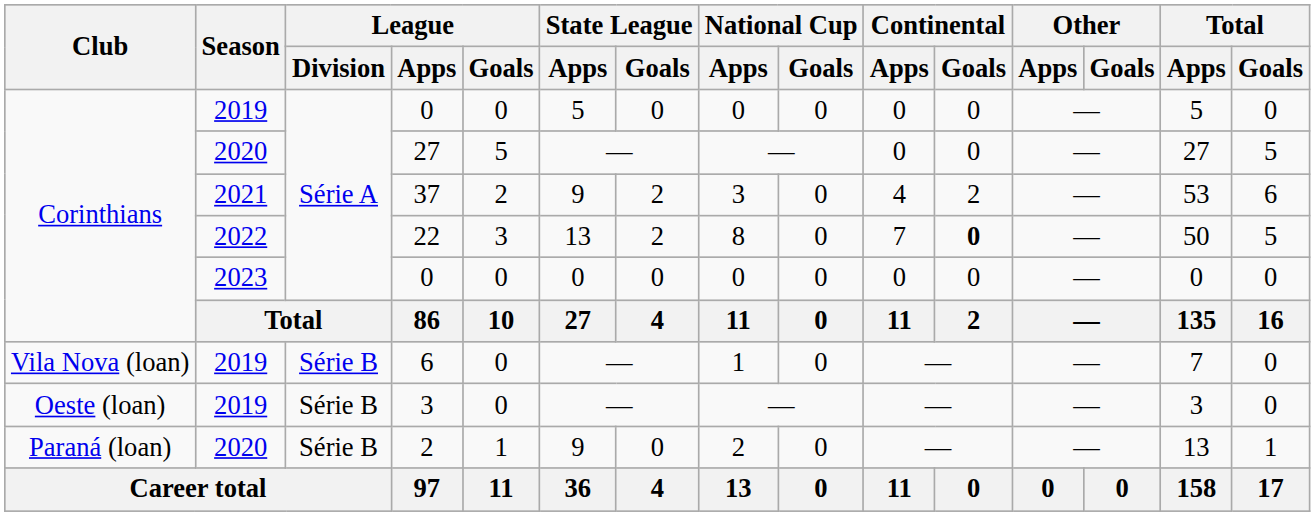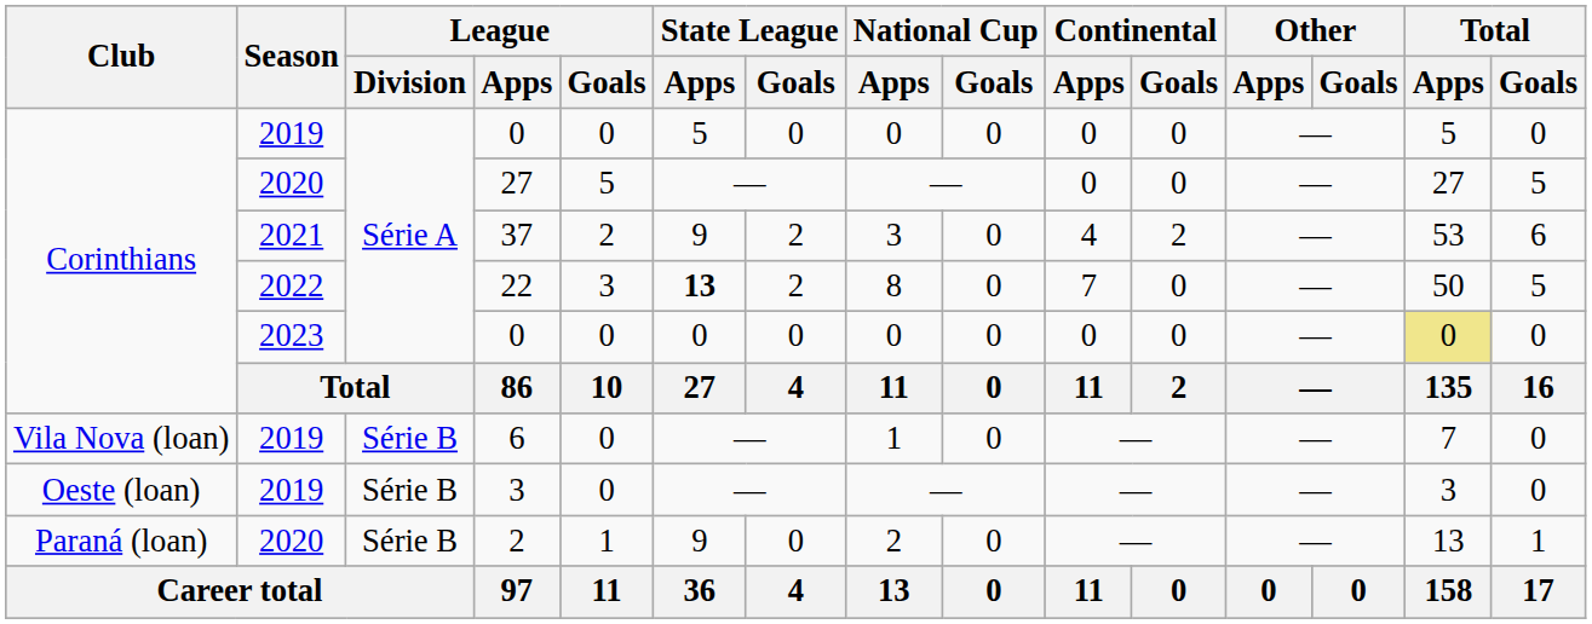 <table class="wikitable" style="text-align: center;">
 <tr>
 <th rowspan="2">Club</th>
 <th rowspan="2">Season</th>
 <th colspan="3">League</th>
 <th colspan="2">State League</th>
 <th colspan="2">National Cup</th>
 <th colspan="2">Continental</th>
 <th colspan="2">Other</th>
 <th colspan="2">Total</th>
 </tr>
 <tr>
 <th>Division</th>
 <th>Apps</th>
 <th>Goals</th>
 <th>Apps</th>
 <th>Goals</th>
 <th>Apps</th>
 <th>Goals</th>
 <th>Apps</th>
 <th>Goals</th>
 <th>Apps</th>
 <th>Goals</th>
 <th>Apps</th>
 <th>Goals</th>
 </tr>
 <tr>
 <td rowspan="6" valign="center"><a href='#'>Corinthians</a></td>
 <td><a href='#'>2019</a></td>
 <td rowspan="5"><a href='#'>Série A</a></td>
 <td>0</td>
 <td>0</td>
 <td>5</td>
 <td>0</td>
 <td>0</td>
 <td>0</td>
 <td>0</td>
 <td>0</td>
 <td colspan="2">—</td>
 <td>5</td>
 <td>0</td>
 </tr>
 <tr>
 <td><a href='#'>2020</a></td>
 <td>27</td>
 <td>5</td>
 <td colspan="2">—</td>
 <td colspan="2">—</td>
 <td>0</td>
 <td>0</td>
 <td colspan="2">—</td>
 <td>27</td>
 <td>5</td>
 </tr>
 <tr>
 <td><a href='#'>2021</a></td>
 <td>37</td>
 <td>2</td>
 <td>9</td>
 <td>2</td>
 <td>3</td>
 <td>0</td>
 <td>4</td>
 <td>2</td>
 <td colspan="2">—</td>
 <td>53</td>
 <td>6</td>
 </tr>
 <tr>
 <td><a href='#'>2022</a></td>
 <td>22</td>
 <td>3</td>
-<td>13</td>
+<td><strong>13</strong></td>
 <td>2</td>
 <td>8</td>
 <td>0</td>
 <td>7</td>
-<td><strong>0</strong></td>
+<td>0</td>
 <td colspan="2">—</td>
 <td>50</td>
 <td>5</td>
 </tr>
 <tr>
 <td><a href='#'>2023</a></td>
 <td>0</td>
 <td>0</td>
 <td>0</td>
 <td>0</td>
 <td>0</td>
 <td>0</td>
 <td>0</td>
 <td>0</td>
 <td colspan="2">—</td>
-<td>0</td>
+<td style="background: khaki;">0</td>
 <td>0</td>
 </tr>
 <tr>
 <th colspan="2">Total</th>
 <th>86</th>
 <th>10</th>
 <th>27</th>
 <th>4</th>
 <th>11</th>
 <th>0</th>
 <th>11</th>
 <th>2</th>
 <th colspan="2">—</th>
 <th>135</th>
 <th>16</th>
 </tr>
 <tr>
 <td valign="center"><a href='#'>Vila Nova</a> (loan)</td>
 <td><a href='#'>2019</a></td>
 <td><a href='#'>Série B</a></td>
 <td>6</td>
 <td>0</td>
 <td colspan="2">—</td>
 <td>1</td>
 <td>0</td>
 <td colspan="2">—</td>
 <td colspan="2">—</td>
 <td>7</td>
 <td>0</td>
 </tr>
 <tr>
 <td valign="center"><a href='#'>Oeste</a> (loan)</td>
 <td><a href='#'>2019</a></td>
 <td>Série B</td>
 <td>3</td>
 <td>0</td>
 <td colspan="2">—</td>
 <td colspan="2">—</td>
 <td colspan="2">—</td>
 <td colspan="2">—</td>
 <td>3</td>
 <td>0</td>
 </tr>
 <tr>
 <td valign="center"><a href='#'>Paraná</a> (loan)</td>
 <td><a href='#'>2020</a></td>
 <td>Série B</td>
 <td>2</td>
 <td>1</td>
 <td>9</td>
 <td>0</td>
 <td>2</td>
 <td>0</td>
 <td colspan="2">—</td>
 <td colspan="2">—</td>
 <td>13</td>
 <td>1</td>
 </tr>
 <tr>
 <th colspan="3">Career total</th>
 <th>97</th>
 <th>11</th>
 <th>36</th>
 <th>4</th>
 <th>13</th>
 <th>0</th>
 <th>11</th>
 <th>0</th>
 <th>0</th>
 <th>0</th>
 <th>158</th>
 <th>17</th>
 </tr>
 </table>
